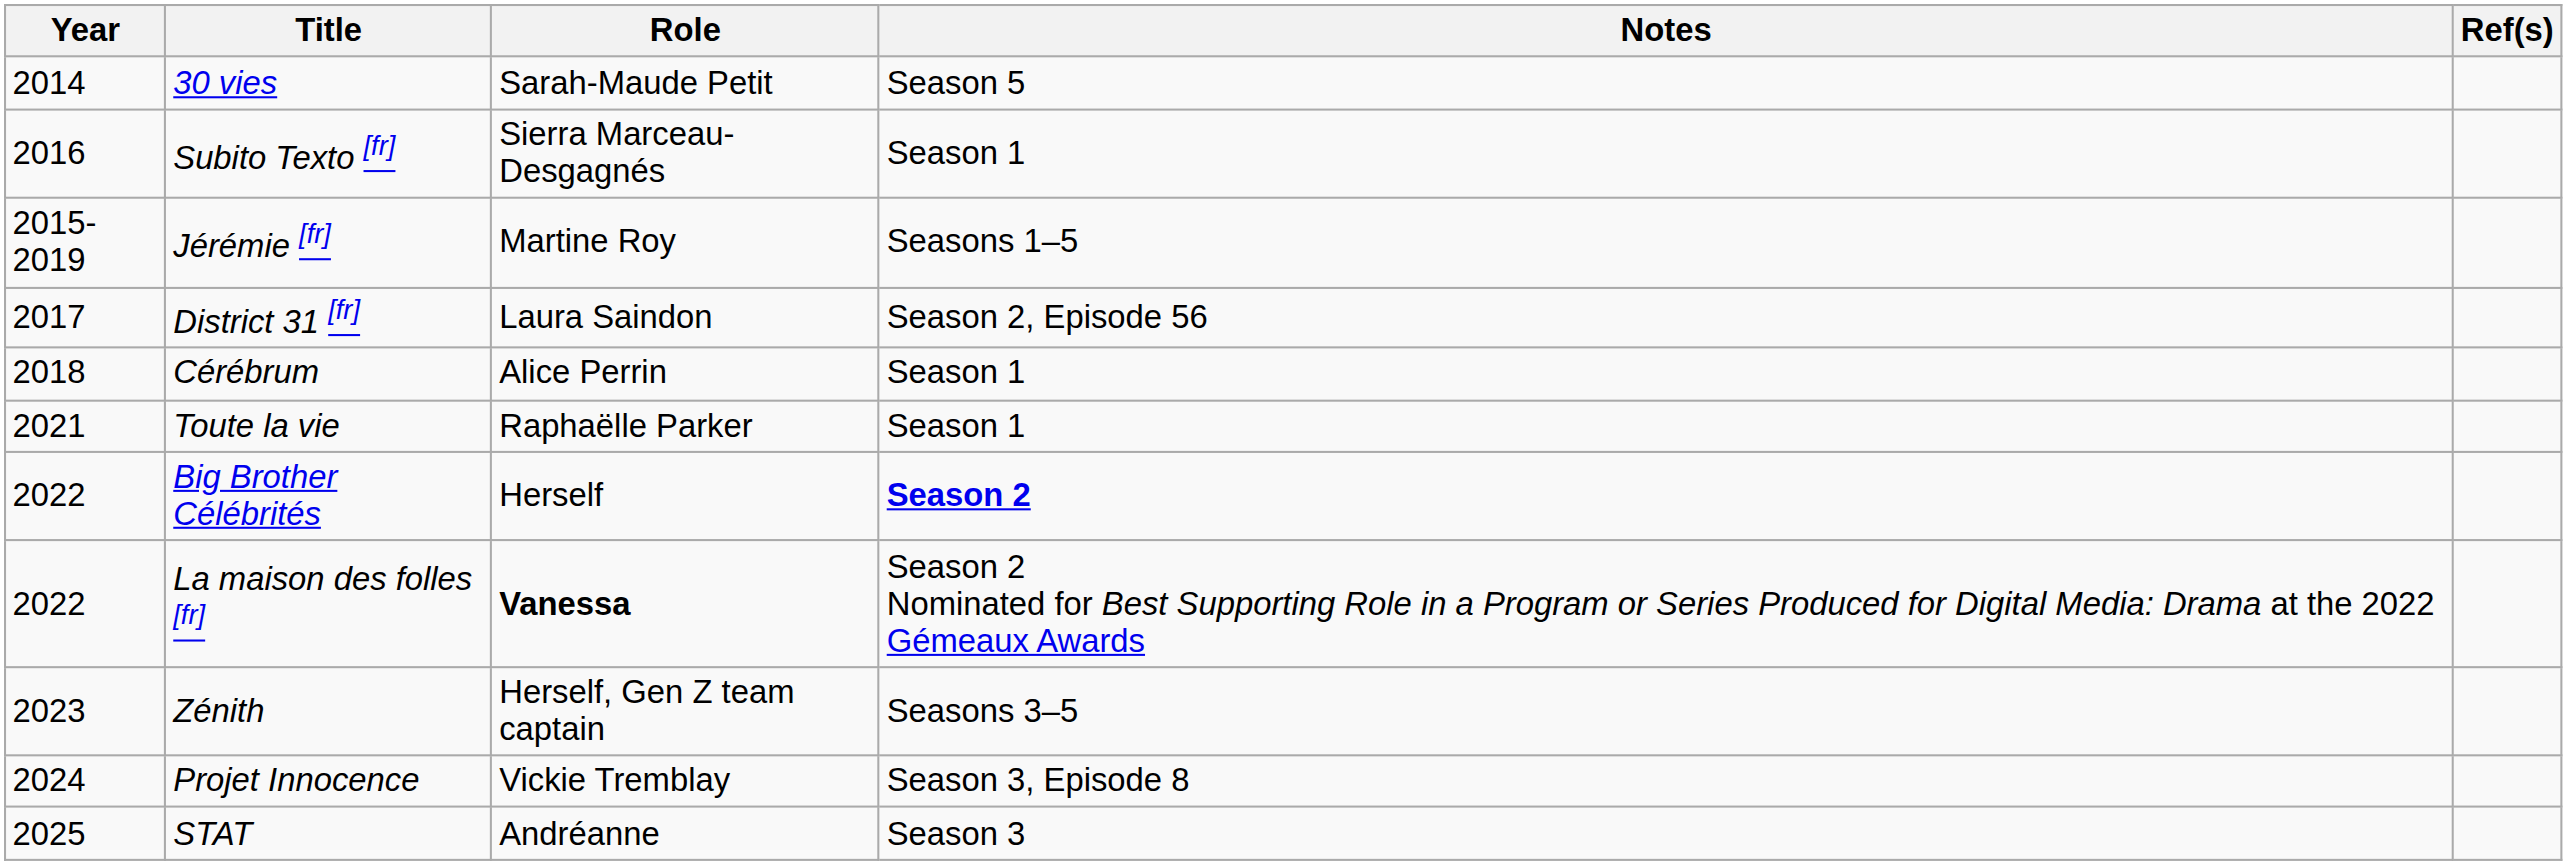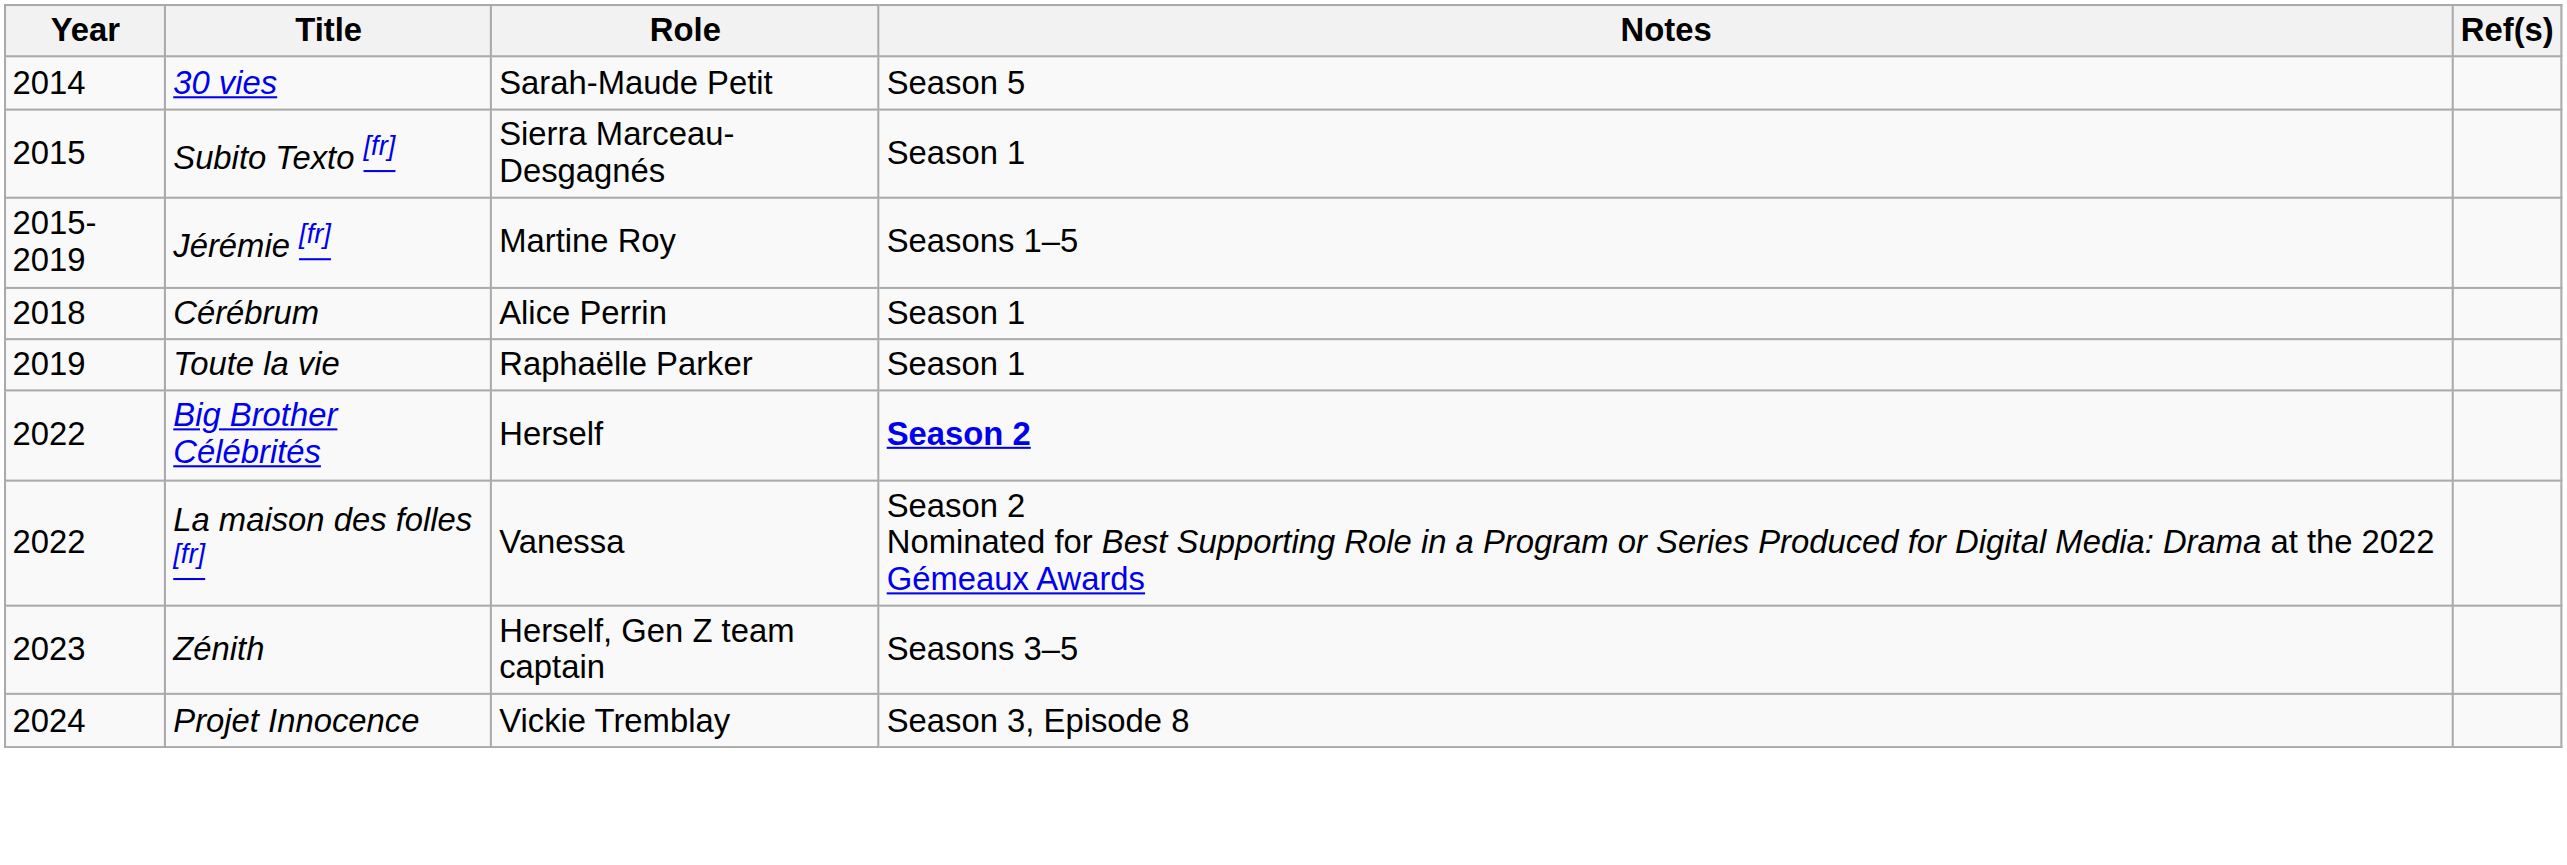 <table class="wikitable">
 <tr>
 <th>Year</th>
 <th>Title</th>
 <th>Role</th>
 <th>Notes</th>
 <th>Ref(s)</th>
 </tr>
 <tr>
 <td>2014</td>
 <td><em><a href='#'>30 vies</a></em></td>
 <td>Sarah-Maude Petit</td>
 <td>Season 5</td>
 <td></td>
 </tr>
 <tr>
-<td>2016</td>
+<td>2015</td>
 <td><em>Subito Texto</em> <a href='#'><sup><em>[fr]</em></sup></a></td>
 <td>Sierra Marceau-Desgagnés</td>
 <td>Season 1</td>
 <td></td>
 </tr>
 <tr>
 <td>2015-2019</td>
 <td><em>Jérémie <a href='#'><sup>[fr]</sup></a></em></td>
 <td>Martine Roy</td>
 <td>Seasons 1–5</td>
 <td></td>
 </tr>
 <tr>
-<td>2017</td>
-<td><em>District 31</em> <a href='#'><sup><em>[fr]</em></sup></a></td>
-<td>Laura Saindon</td>
-<td>Season 2, Episode 56</td>
-<td></td>
-</tr>
-<tr>
 <td>2018</td>
 <td><em>Cérébrum</em></td>
 <td>Alice Perrin</td>
 <td>Season 1</td>
 <td></td>
 </tr>
 <tr>
-<td>2021</td>
+<td>2019</td>
 <td><em>Toute la vie</em></td>
 <td>Raphaëlle Parker</td>
 <td>Season 1</td>
 <td></td>
 </tr>
 <tr>
 <td>2022</td>
 <td><em><a href='#'>Big Brother Célébrités</a></em></td>
 <td>Herself</td>
 <td><strong><a href='#'>Season 2</a></strong></td>
 <td></td>
 </tr>
 <tr>
 <td>2022</td>
 <td><em>La maison des folles <a href='#'><sup>[fr]</sup></a></em></td>
-<td><strong>Vanessa</strong></td>
+<td>Vanessa</td>
 <td>Season 2<br>Nominated for <em>Best Supporting Role in a Program or Series Produced for Digital Media: Drama</em> at the 2022 <a href='#'>Gémeaux Awards</a></td>
 <td></td>
 </tr>
 <tr>
 <td>2023</td>
 <td><em>Zénith</em></td>
 <td>Herself, Gen Z team captain</td>
 <td>Seasons 3–5</td>
 <td></td>
 </tr>
 <tr>
 <td>2024</td>
 <td><em>Projet Innocence</em></td>
 <td>Vickie Tremblay</td>
 <td>Season 3, Episode 8</td>
 <td></td>
 </tr>
-<tr>
-<td>2025</td>
-<td><em>STAT</em></td>
-<td>Andréanne</td>
-<td>Season 3</td>
-<td></td>
-</tr>
 </table>
